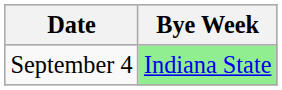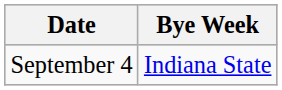 <table class="wikitable" style="font-size:95%;">
 <tr>
 <th>Date</th>
 <th>Bye Week</th>
 </tr>
 <tr>
 <td>September 4</td>
-<td style="background: lightgreen;"><a href='#'>Indiana State</a></td>
+<td><a href='#'>Indiana State</a></td>
 </tr>
 </table>
